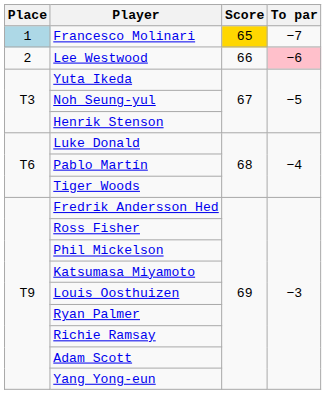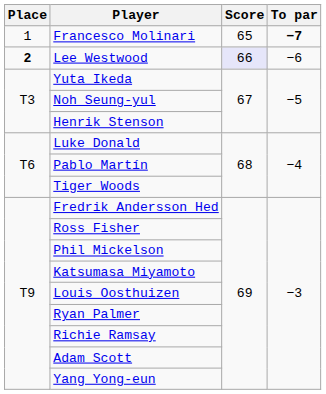 <table class="wikitable">
 <tr>
 <th>Place</th>
 <th>Player</th>
 <th>Score</th>
 <th>To par</th>
 </tr>
 <tr>
-<td align=center style="background: lightblue;">1</td>
+<td align=center>1</td>
 <td> <a href='#'>Francesco Molinari</a></td>
-<td align=center style="background: gold;">65</td>
-<td align=center>−7</td>
+<td align=center>65</td>
+<td align=center><strong>−7</strong></td>
 </tr>
 <tr>
-<td align=center>2</td>
+<td align=center><strong>2</strong></td>
 <td> <a href='#'>Lee Westwood</a></td>
-<td align=center>66</td>
-<td align=center style="background: pink;">−6</td>
+<td align=center style="background: lavender;">66</td>
+<td align=center>−6</td>
 </tr>
 <tr>
 <td rowspan="3" align=center>T3</td>
 <td> <a href='#'>Yuta Ikeda</a></td>
 <td rowspan="3" align=center>67</td>
 <td rowspan="3" align=center>−5</td>
 </tr>
 <tr>
 <td> <a href='#'>Noh Seung-yul</a></td>
 </tr>
 <tr>
 <td> <a href='#'>Henrik Stenson</a></td>
 </tr>
 <tr>
 <td rowspan="3" align=center>T6</td>
 <td> <a href='#'>Luke Donald</a></td>
 <td rowspan="3" align=center>68</td>
 <td rowspan="3" align=center>−4</td>
 </tr>
 <tr>
 <td> <a href='#'>Pablo Martín</a></td>
 </tr>
 <tr>
 <td> <a href='#'>Tiger Woods</a></td>
 </tr>
 <tr>
 <td rowspan="9" align=center>T9</td>
 <td> <a href='#'>Fredrik Andersson Hed</a></td>
 <td rowspan="9" align=center>69</td>
 <td rowspan="9" align=center>−3</td>
 </tr>
 <tr>
 <td> <a href='#'>Ross Fisher</a></td>
 </tr>
 <tr>
 <td> <a href='#'>Phil Mickelson</a></td>
 </tr>
 <tr>
 <td> <a href='#'>Katsumasa Miyamoto</a></td>
 </tr>
 <tr>
 <td> <a href='#'>Louis Oosthuizen</a></td>
 </tr>
 <tr>
 <td> <a href='#'>Ryan Palmer</a></td>
 </tr>
 <tr>
 <td> <a href='#'>Richie Ramsay</a></td>
 </tr>
 <tr>
 <td> <a href='#'>Adam Scott</a></td>
 </tr>
 <tr>
 <td> <a href='#'>Yang Yong-eun</a></td>
 </tr>
 </table>
